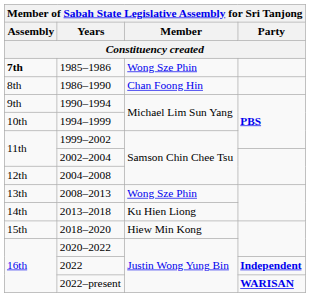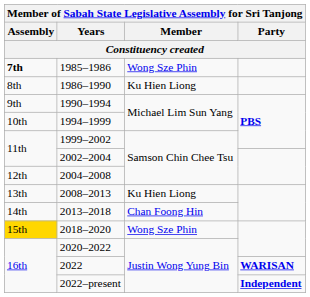 <table class="wikitable">
 <tr>
 <th colspan="4">Member of <a href='#'>Sabah State Legislative Assembly</a> for Sri Tanjong</th>
 </tr>
 <tr>
 <th>Assembly</th>
 <th>Years</th>
 <th>Member</th>
 <th>Party</th>
 </tr>
 <tr>
 <th colspan="4" align="center"><em>Constituency created</em></th>
 </tr>
 <tr>
 <td><strong>7th</strong></td>
 <td>1985–1986</td>
 <td><a href='#'>Wong Sze Phin</a></td>
 <td></td>
 </tr>
 <tr>
 <td>8th</td>
 <td>1986–1990</td>
-<td><a href='#'>Chan Foong Hin</a></td>
+<td>Ku Hien Liong</td>
 <td></td>
 </tr>
 <tr>
 <td>9th</td>
 <td>1990–1994</td>
 <td rowspan="2">Michael Lim Sun Yang</td>
 <td rowspan="3"><strong><a href='#'>PBS</a></strong></td>
 </tr>
 <tr>
 <td>10th</td>
 <td>1994–1999</td>
 </tr>
 <tr>
 <td rowspan="2">11th</td>
 <td>1999–2002</td>
 <td rowspan="3">Samson Chin Chee Tsu</td>
 </tr>
 <tr>
 <td>2002–2004</td>
 <td rowspan="2"></td>
 </tr>
 <tr>
 <td>12th</td>
 <td>2004–2008</td>
 </tr>
 <tr>
 <td>13th</td>
 <td>2008–2013</td>
-<td><a href='#'>Wong Sze Phin</a></td>
+<td>Ku Hien Liong</td>
 <td rowspan="2"></td>
 </tr>
 <tr>
 <td>14th</td>
 <td>2013–2018</td>
-<td>Ku Hien Liong</td>
+<td><a href='#'>Chan Foong Hin</a></td>
 </tr>
 <tr>
-<td>15th</td>
+<td style="background: gold;">15th</td>
 <td>2018–2020</td>
-<td>Hiew Min Kong</td>
+<td><a href='#'>Wong Sze Phin</a></td>
 <td rowspan="2"></td>
 </tr>
 <tr>
 <td rowspan="3"><a href='#'>16th</a></td>
 <td>2020–2022</td>
 <td rowspan="3"><a href='#'>Justin Wong Yung Bin</a></td>
 </tr>
 <tr>
 <td>2022</td>
-<td><strong><a href='#'>Independent</a></strong></td>
+<td><strong><a href='#'>WARISAN</a></strong></td>
 </tr>
 <tr>
 <td>2022–present</td>
-<td><strong><a href='#'>WARISAN</a></strong></td>
+<td><strong><a href='#'>Independent</a></strong></td>
 </tr>
 </table>
